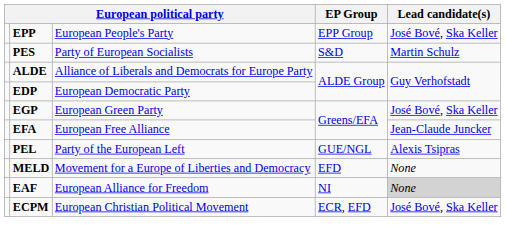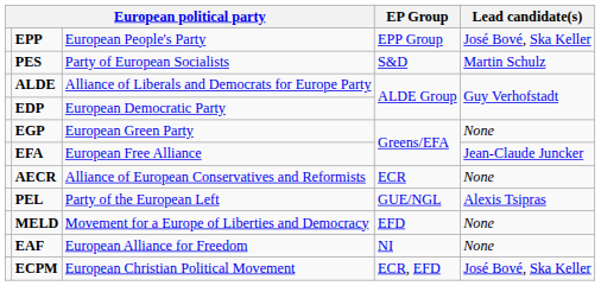 <table class="wikitable">
 <tr>
 <th colspan="3"><a href='#'>European political party</a></th>
 <th>EP Group</th>
 <th>Lead candidate(s)</th>
 </tr>
 <tr>
 <td style="background:"></td>
 <td><strong>EPP</strong></td>
 <td><a href='#'>European People's Party</a></td>
 <td><a href='#'>EPP Group</a></td>
 <td><a href='#'>José Bové</a>, <a href='#'>Ska Keller</a></td>
 </tr>
 <tr>
 <td style="background:"></td>
 <td><strong>PES</strong></td>
 <td><a href='#'>Party of European Socialists</a></td>
 <td><a href='#'>S&D</a></td>
 <td><a href='#'>Martin Schulz</a></td>
 </tr>
 <tr>
 <td style="background:"></td>
 <td><strong>ALDE</strong></td>
 <td><a href='#'>Alliance of Liberals and Democrats for Europe Party</a></td>
 <td rowspan="2"><a href='#'>ALDE Group</a></td>
 <td rowspan="2"><a href='#'>Guy Verhofstadt</a></td>
 </tr>
 <tr>
 <td style="background:"></td>
 <td><strong>EDP</strong></td>
 <td><a href='#'>European Democratic Party</a></td>
 </tr>
 <tr>
 <td style="background:"></td>
 <td><strong>EGP</strong></td>
 <td><a href='#'>European Green Party</a></td>
 <td rowspan="2"><a href='#'>Greens/EFA</a></td>
-<td><a href='#'>José Bové</a>, <a href='#'>Ska Keller</a></td>
+<td><em>None</em></td>
 </tr>
 <tr>
 <td style="background:"></td>
 <td><strong>EFA</strong></td>
 <td><a href='#'>European Free Alliance</a></td>
 <td><a href='#'>Jean-Claude Juncker</a></td>
+</tr>
+<tr>
+<td style="background:"></td>
+<td><strong>AECR</strong></td>
+<td><a href='#'>Alliance of European Conservatives and Reformists</a></td>
+<td><a href='#'>ECR</a></td>
+<td><em>None</em></td>
 </tr>
 <tr>
 <td style="background:"></td>
 <td><strong>PEL</strong></td>
 <td><a href='#'>Party of the European Left</a></td>
 <td><a href='#'>GUE/NGL</a></td>
 <td><a href='#'>Alexis Tsipras</a></td>
 </tr>
 <tr>
 <td style="background:"></td>
 <td><strong>MELD</strong></td>
 <td><a href='#'>Movement for a Europe of Liberties and Democracy</a></td>
 <td><a href='#'>EFD</a></td>
 <td><em>None</em></td>
 </tr>
 <tr>
 <td style="background:"></td>
 <td><strong>EAF</strong></td>
 <td><a href='#'>European Alliance for Freedom</a></td>
 <td><a href='#'>NI</a></td>
-<td style="background: lightgrey;"><em>None</em></td>
+<td><em>None</em></td>
 </tr>
 <tr>
 <td style="background:"></td>
 <td><strong>ECPM</strong></td>
 <td><a href='#'>European Christian Political Movement</a></td>
 <td><a href='#'>ECR</a>, <a href='#'>EFD</a></td>
 <td><a href='#'>José Bové</a>, <a href='#'>Ska Keller</a></td>
 </tr>
 </table>
